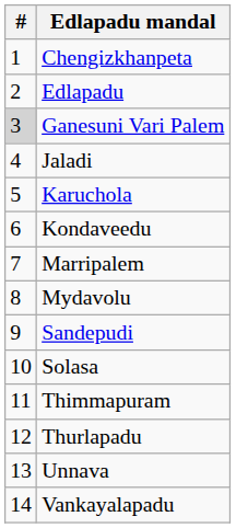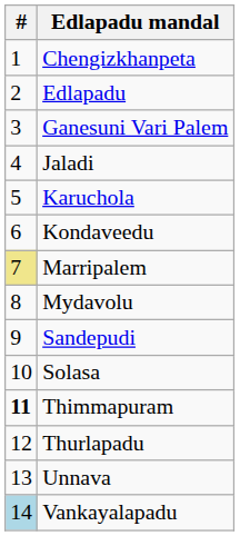 <table class="wikitable">
 <tr>
 <th>#</th>
 <th style="text-align:center">Edlapadu mandal</th>
 </tr>
 <tr>
 <td>1</td>
 <td><a href='#'>Chengizkhanpeta</a></td>
 </tr>
 <tr>
 <td>2</td>
 <td><a href='#'>Edlapadu</a></td>
 </tr>
 <tr>
-<td style="background: lightgrey;">3</td>
+<td>3</td>
 <td><a href='#'>Ganesuni Vari Palem</a></td>
 </tr>
 <tr>
 <td>4</td>
 <td>Jaladi</td>
 </tr>
 <tr>
 <td>5</td>
 <td><a href='#'>Karuchola</a></td>
 </tr>
 <tr>
 <td>6</td>
 <td>Kondaveedu</td>
 </tr>
 <tr>
-<td>7</td>
+<td style="background: khaki;">7</td>
 <td>Marripalem</td>
 </tr>
 <tr>
 <td>8</td>
 <td>Mydavolu</td>
 </tr>
 <tr>
 <td>9</td>
 <td><a href='#'>Sandepudi</a></td>
 </tr>
 <tr>
 <td>10</td>
 <td>Solasa</td>
 </tr>
 <tr>
-<td>11</td>
+<td><strong>11</strong></td>
 <td>Thimmapuram</td>
 </tr>
 <tr>
 <td>12</td>
 <td>Thurlapadu</td>
 </tr>
 <tr>
 <td>13</td>
 <td>Unnava</td>
 </tr>
 <tr>
-<td>14</td>
+<td style="background: lightblue;">14</td>
 <td>Vankayalapadu</td>
 </tr>
 </table>
